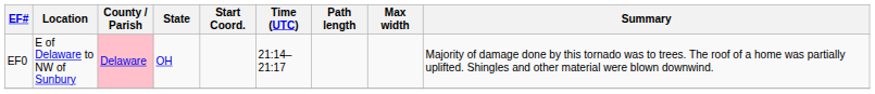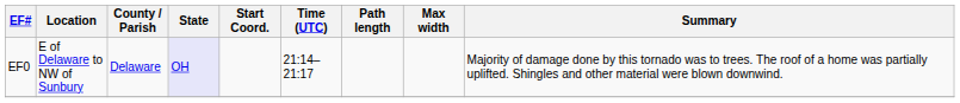 <table class="wikitable sortable" style="width:100%;">
 <tr>
 <th scope="col"  style="width:3%; text-align:center;"><a href='#'>EF#</a></th>
 <th scope="col"  style="width:7%; text-align:center;" class="unsortable">Location</th>
 <th scope="col"  style="width:6%; text-align:center;" class="unsortable">County / Parish</th>
 <th scope="col"  style="width:5%; text-align:center;">State</th>
 <th scope="col"  style="width:6%; text-align:center;">Start Coord.</th>
 <th scope="col"  style="width:6%; text-align:center;">Time (<a href='#'>UTC</a>)</th>
 <th scope="col"  style="width:6%; text-align:center;">Path length</th>
 <th scope="col"  style="width:6%; text-align:center;">Max width</th>
 <th scope="col" class="unsortable" style="width:48%; text-align:center;">Summary</th>
 </tr>
 <tr>
 <td>EF0</td>
 <td>E of <a href='#'>Delaware</a> to NW of <a href='#'>Sunbury</a></td>
-<td style="background: pink;"><a href='#'>Delaware</a></td>
-<td><a href='#'>OH</a></td>
+<td><a href='#'>Delaware</a></td>
+<td style="background: lavender;"><a href='#'>OH</a></td>
 <td></td>
 <td>21:14–21:17</td>
 <td></td>
 <td></td>
 <td>Majority of damage done by this tornado was to trees. The roof of a home was partially uplifted. Shingles and other material were blown downwind.</td>
 </tr>
 <tr>
 </tr>
 </table>
